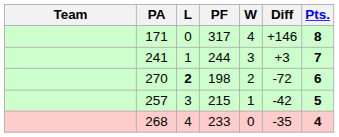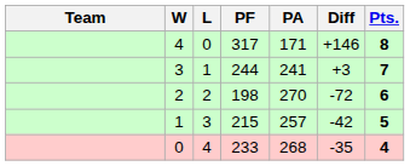 <table class=wikitable>
 <tr align=center>
 <th width=150px>Team</th>
-<th width=40px>PA</th>
+<th width=20px>W</th>
 <th width=20px>L</th>
 <th width=40px>PF</th>
-<th width=20px>W</th>
+<th width=40px>PA</th>
 <th width=40px>Diff</th>
 <th width=30px><a href='#'>Pts.</a></th>
 </tr>
 <tr align=center bgcolor="#ccffcc">
 <td align=left></td>
-<td>171</td>
+<td>4</td>
 <td>0</td>
 <td>317</td>
-<td>4</td>
+<td>171</td>
 <td>+146</td>
 <td><strong>8</strong></td>
 </tr>
 <tr align=center bgcolor="#ccffcc">
 <td align=left></td>
-<td>241</td>
+<td>3</td>
 <td>1</td>
 <td>244</td>
-<td>3</td>
+<td>241</td>
 <td>+3</td>
 <td><strong>7</strong></td>
 </tr>
 <tr align=center bgcolor="#ccffcc">
 <td align=left></td>
+<td>2</td>
+<td>2</td>
+<td>198</td>
 <td>270</td>
-<td><strong>2</strong></td>
-<td>198</td>
-<td>2</td>
 <td>-72</td>
 <td><strong>6</strong></td>
 </tr>
 <tr align=center bgcolor="#ccffcc">
 <td align=left></td>
-<td>257</td>
+<td>1</td>
 <td>3</td>
 <td>215</td>
-<td>1</td>
+<td>257</td>
 <td>-42</td>
 <td><strong>5</strong></td>
 </tr>
 <tr align=center bgcolor="#ffcccc">
 <td align=left></td>
-<td>268</td>
+<td>0</td>
 <td>4</td>
 <td>233</td>
-<td>0</td>
+<td>268</td>
 <td>-35</td>
 <td><strong>4</strong></td>
 </tr>
 </table>
